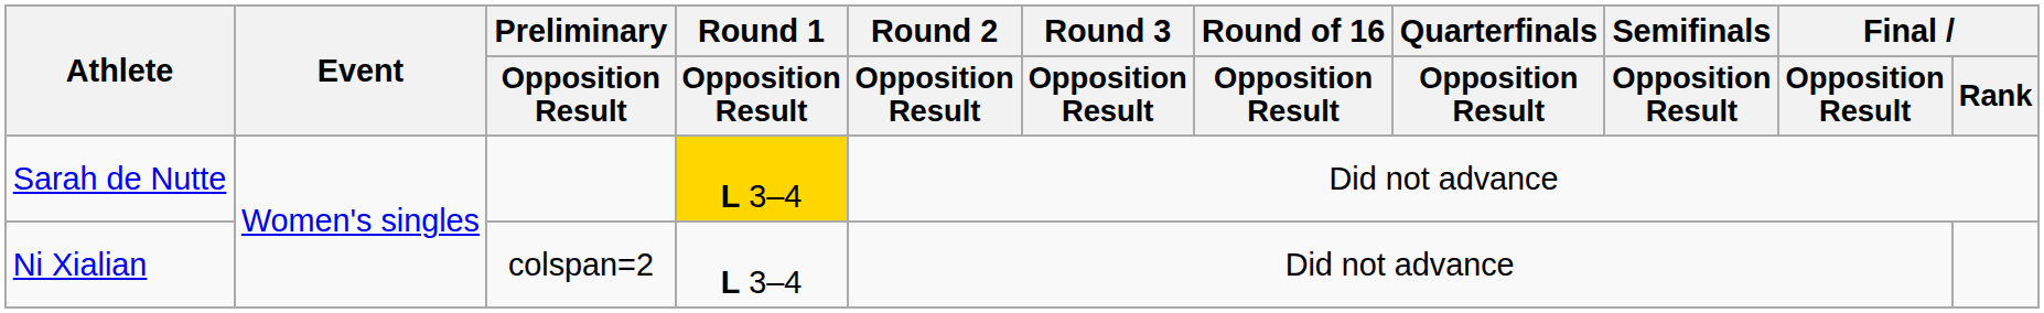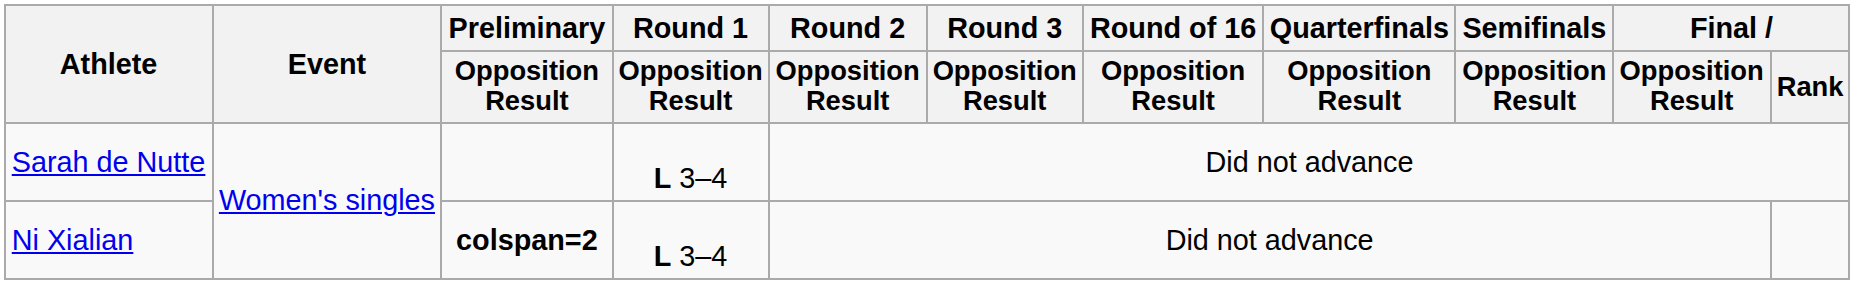 <table class="wikitable" style="font-size:90%;">
 <tr>
 <th rowspan=2>Athlete</th>
 <th rowspan=2>Event</th>
 <th>Preliminary</th>
 <th>Round 1</th>
 <th>Round 2</th>
 <th>Round 3</th>
 <th>Round of 16</th>
 <th>Quarterfinals</th>
 <th>Semifinals</th>
 <th colspan=2>Final / </th>
 </tr>
 <tr style="font-size:95%">
 <th>Opposition<br>Result</th>
 <th>Opposition<br>Result</th>
 <th>Opposition<br>Result</th>
 <th>Opposition<br>Result</th>
 <th>Opposition<br>Result</th>
 <th>Opposition<br>Result</th>
 <th>Opposition<br>Result</th>
 <th>Opposition<br>Result</th>
 <th>Rank</th>
 </tr>
 <tr align=center>
 <td align=left><a href='#'>Sarah de Nutte</a></td>
 <td align=left rowspan=2><a href='#'>Women's singles</a></td>
 <td></td>
-<td style="background: gold;"><br><strong>L</strong> 3–4</td>
+<td><br><strong>L</strong> 3–4</td>
 <td colspan=7>Did not advance</td>
 </tr>
 <tr align=center>
 <td align=left><a href='#'>Ni Xialian</a></td>
-<td>colspan=2 </td>
+<td><strong>colspan=2 </strong></td>
 <td><br><strong>L</strong> 3–4</td>
 <td colspan=6>Did not advance</td>
 </tr>
 </table>
